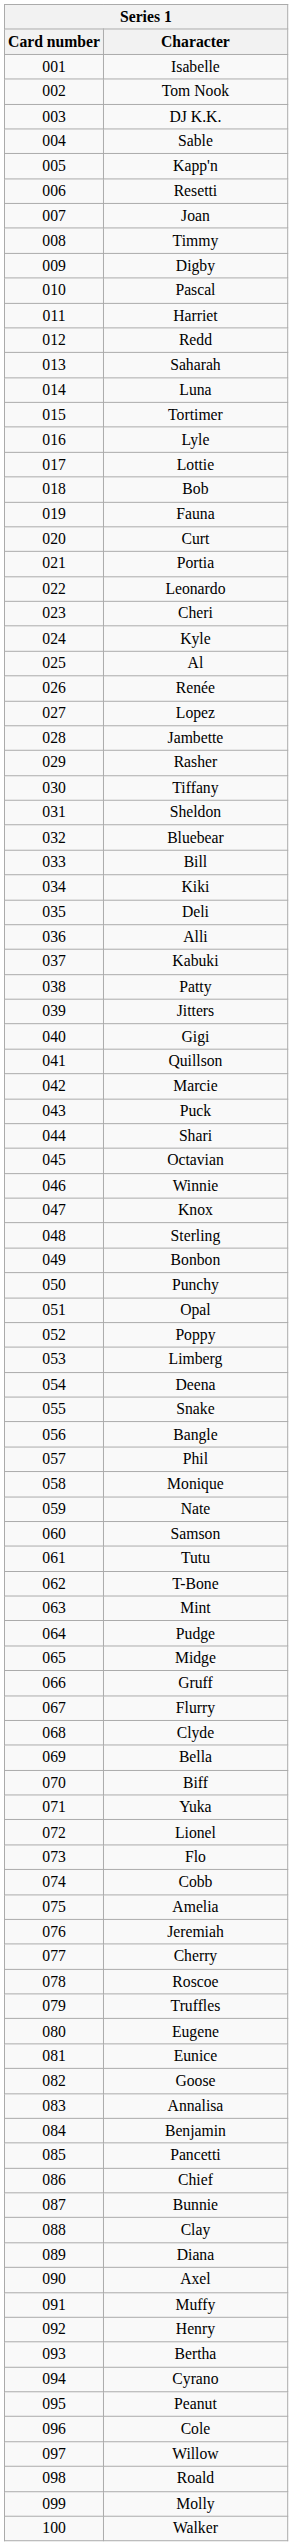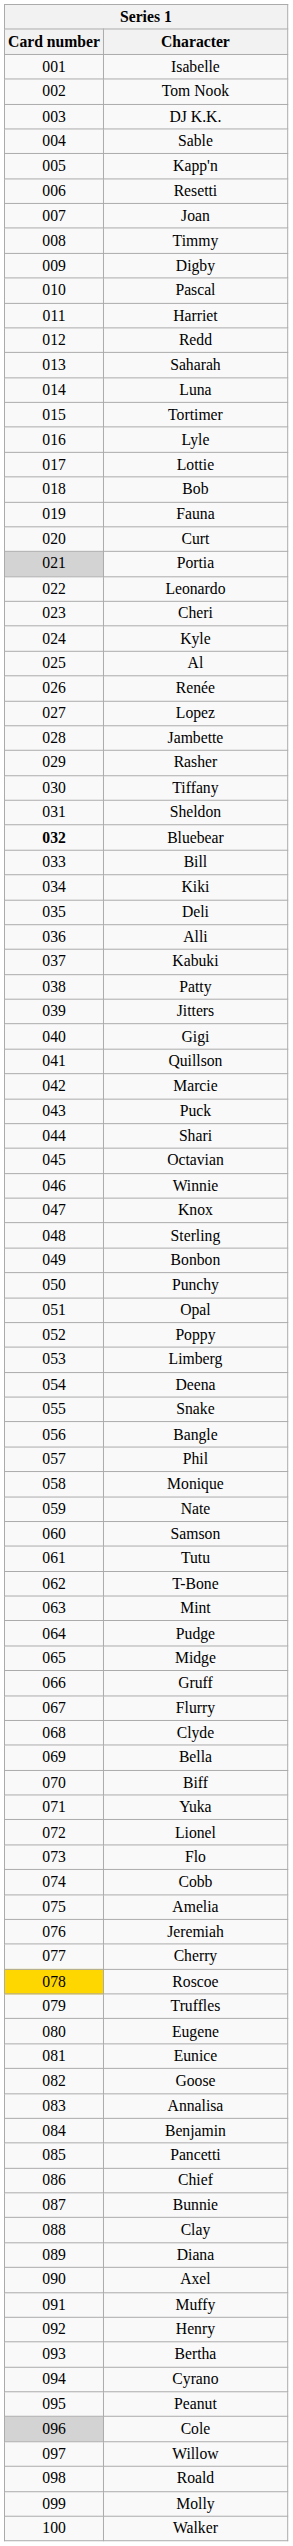 <table class="wikitable collapsible collapsed sortable" style="text-align:center;">
 <tr>
 <th colspan="2">Series 1</th>
 </tr>
 <tr>
 <th>Card number</th>
 <th style="width:180px">Character</th>
 </tr>
 <tr>
 <td>001</td>
 <td>Isabelle</td>
 </tr>
 <tr>
 <td>002</td>
 <td>Tom Nook</td>
 </tr>
 <tr>
 <td>003</td>
 <td>DJ K.K.</td>
 </tr>
 <tr>
 <td>004</td>
 <td>Sable</td>
 </tr>
 <tr>
 <td>005</td>
 <td>Kapp'n</td>
 </tr>
 <tr>
 <td>006</td>
 <td>Resetti</td>
 </tr>
 <tr>
 <td>007</td>
 <td>Joan</td>
 </tr>
 <tr>
 <td>008</td>
 <td>Timmy</td>
 </tr>
 <tr>
 <td>009</td>
 <td>Digby</td>
 </tr>
 <tr>
 <td>010</td>
 <td>Pascal</td>
 </tr>
 <tr>
 <td>011</td>
 <td>Harriet</td>
 </tr>
 <tr>
 <td>012</td>
 <td>Redd</td>
 </tr>
 <tr>
 <td>013</td>
 <td>Saharah</td>
 </tr>
 <tr>
 <td>014</td>
 <td>Luna</td>
 </tr>
 <tr>
 <td>015</td>
 <td>Tortimer</td>
 </tr>
 <tr>
 <td>016</td>
 <td>Lyle</td>
 </tr>
 <tr>
 <td>017</td>
 <td>Lottie</td>
 </tr>
 <tr>
 <td>018</td>
 <td>Bob</td>
 </tr>
 <tr>
 <td>019</td>
 <td>Fauna</td>
 </tr>
 <tr>
 <td>020</td>
 <td>Curt</td>
 </tr>
 <tr>
-<td>021</td>
+<td style="background: lightgrey;">021</td>
 <td>Portia</td>
 </tr>
 <tr>
 <td>022</td>
 <td>Leonardo</td>
 </tr>
 <tr>
 <td>023</td>
 <td>Cheri</td>
 </tr>
 <tr>
 <td>024</td>
 <td>Kyle</td>
 </tr>
 <tr>
 <td>025</td>
 <td>Al</td>
 </tr>
 <tr>
 <td>026</td>
 <td>Renée</td>
 </tr>
 <tr>
 <td>027</td>
 <td>Lopez</td>
 </tr>
 <tr>
 <td>028</td>
 <td>Jambette</td>
 </tr>
 <tr>
 <td>029</td>
 <td>Rasher</td>
 </tr>
 <tr>
 <td>030</td>
 <td>Tiffany</td>
 </tr>
 <tr>
 <td>031</td>
 <td>Sheldon</td>
 </tr>
 <tr>
-<td>032</td>
+<td><strong>032</strong></td>
 <td>Bluebear</td>
 </tr>
 <tr>
 <td>033</td>
 <td>Bill</td>
 </tr>
 <tr>
 <td>034</td>
 <td>Kiki</td>
 </tr>
 <tr>
 <td>035</td>
 <td>Deli</td>
 </tr>
 <tr>
 <td>036</td>
 <td>Alli</td>
 </tr>
 <tr>
 <td>037</td>
 <td>Kabuki</td>
 </tr>
 <tr>
 <td>038</td>
 <td>Patty</td>
 </tr>
 <tr>
 <td>039</td>
 <td>Jitters</td>
 </tr>
 <tr>
 <td>040</td>
 <td>Gigi</td>
 </tr>
 <tr>
 <td>041</td>
 <td>Quillson</td>
 </tr>
 <tr>
 <td>042</td>
 <td>Marcie</td>
 </tr>
 <tr>
 <td>043</td>
 <td>Puck</td>
 </tr>
 <tr>
 <td>044</td>
 <td>Shari</td>
 </tr>
 <tr>
 <td>045</td>
 <td>Octavian</td>
 </tr>
 <tr>
 <td>046</td>
 <td>Winnie</td>
 </tr>
 <tr>
 <td>047</td>
 <td>Knox</td>
 </tr>
 <tr>
 <td>048</td>
 <td>Sterling</td>
 </tr>
 <tr>
 <td>049</td>
 <td>Bonbon</td>
 </tr>
 <tr>
 <td>050</td>
 <td>Punchy</td>
 </tr>
 <tr>
 <td>051</td>
 <td>Opal</td>
 </tr>
 <tr>
 <td>052</td>
 <td>Poppy</td>
 </tr>
 <tr>
 <td>053</td>
 <td>Limberg</td>
 </tr>
 <tr>
 <td>054</td>
 <td>Deena</td>
 </tr>
 <tr>
 <td>055</td>
 <td>Snake</td>
 </tr>
 <tr>
 <td>056</td>
 <td>Bangle</td>
 </tr>
 <tr>
 <td>057</td>
 <td>Phil</td>
 </tr>
 <tr>
 <td>058</td>
 <td>Monique</td>
 </tr>
 <tr>
 <td>059</td>
 <td>Nate</td>
 </tr>
 <tr>
 <td>060</td>
 <td>Samson</td>
 </tr>
 <tr>
 <td>061</td>
 <td>Tutu</td>
 </tr>
 <tr>
 <td>062</td>
 <td>T-Bone</td>
 </tr>
 <tr>
 <td>063</td>
 <td>Mint</td>
 </tr>
 <tr>
 <td>064</td>
 <td>Pudge</td>
 </tr>
 <tr>
 <td>065</td>
 <td>Midge</td>
 </tr>
 <tr>
 <td>066</td>
 <td>Gruff</td>
 </tr>
 <tr>
 <td>067</td>
 <td>Flurry</td>
 </tr>
 <tr>
 <td>068</td>
 <td>Clyde</td>
 </tr>
 <tr>
 <td>069</td>
 <td>Bella</td>
 </tr>
 <tr>
 <td>070</td>
 <td>Biff</td>
 </tr>
 <tr>
 <td>071</td>
 <td>Yuka</td>
 </tr>
 <tr>
 <td>072</td>
 <td>Lionel</td>
 </tr>
 <tr>
 <td>073</td>
 <td>Flo</td>
 </tr>
 <tr>
 <td>074</td>
 <td>Cobb</td>
 </tr>
 <tr>
 <td>075</td>
 <td>Amelia</td>
 </tr>
 <tr>
 <td>076</td>
 <td>Jeremiah</td>
 </tr>
 <tr>
 <td>077</td>
 <td>Cherry</td>
 </tr>
 <tr>
-<td>078</td>
+<td style="background: gold;">078</td>
 <td>Roscoe</td>
 </tr>
 <tr>
 <td>079</td>
 <td>Truffles</td>
 </tr>
 <tr>
 <td>080</td>
 <td>Eugene</td>
 </tr>
 <tr>
 <td>081</td>
 <td>Eunice</td>
 </tr>
 <tr>
 <td>082</td>
 <td>Goose</td>
 </tr>
 <tr>
 <td>083</td>
 <td>Annalisa</td>
 </tr>
 <tr>
 <td>084</td>
 <td>Benjamin</td>
 </tr>
 <tr>
 <td>085</td>
 <td>Pancetti</td>
 </tr>
 <tr>
 <td>086</td>
 <td>Chief</td>
 </tr>
 <tr>
 <td>087</td>
 <td>Bunnie</td>
 </tr>
 <tr>
 <td>088</td>
 <td>Clay</td>
 </tr>
 <tr>
 <td>089</td>
 <td>Diana</td>
 </tr>
 <tr>
 <td>090</td>
 <td>Axel</td>
 </tr>
 <tr>
 <td>091</td>
 <td>Muffy</td>
 </tr>
 <tr>
 <td>092</td>
 <td>Henry</td>
 </tr>
 <tr>
 <td>093</td>
 <td>Bertha</td>
 </tr>
 <tr>
 <td>094</td>
 <td>Cyrano</td>
 </tr>
 <tr>
 <td>095</td>
 <td>Peanut</td>
 </tr>
 <tr>
-<td>096</td>
+<td style="background: lightgrey;">096</td>
 <td>Cole</td>
 </tr>
 <tr>
 <td>097</td>
 <td>Willow</td>
 </tr>
 <tr>
 <td>098</td>
 <td>Roald</td>
 </tr>
 <tr>
 <td>099</td>
 <td>Molly</td>
 </tr>
 <tr>
 <td>100</td>
 <td>Walker</td>
 </tr>
 </table>
